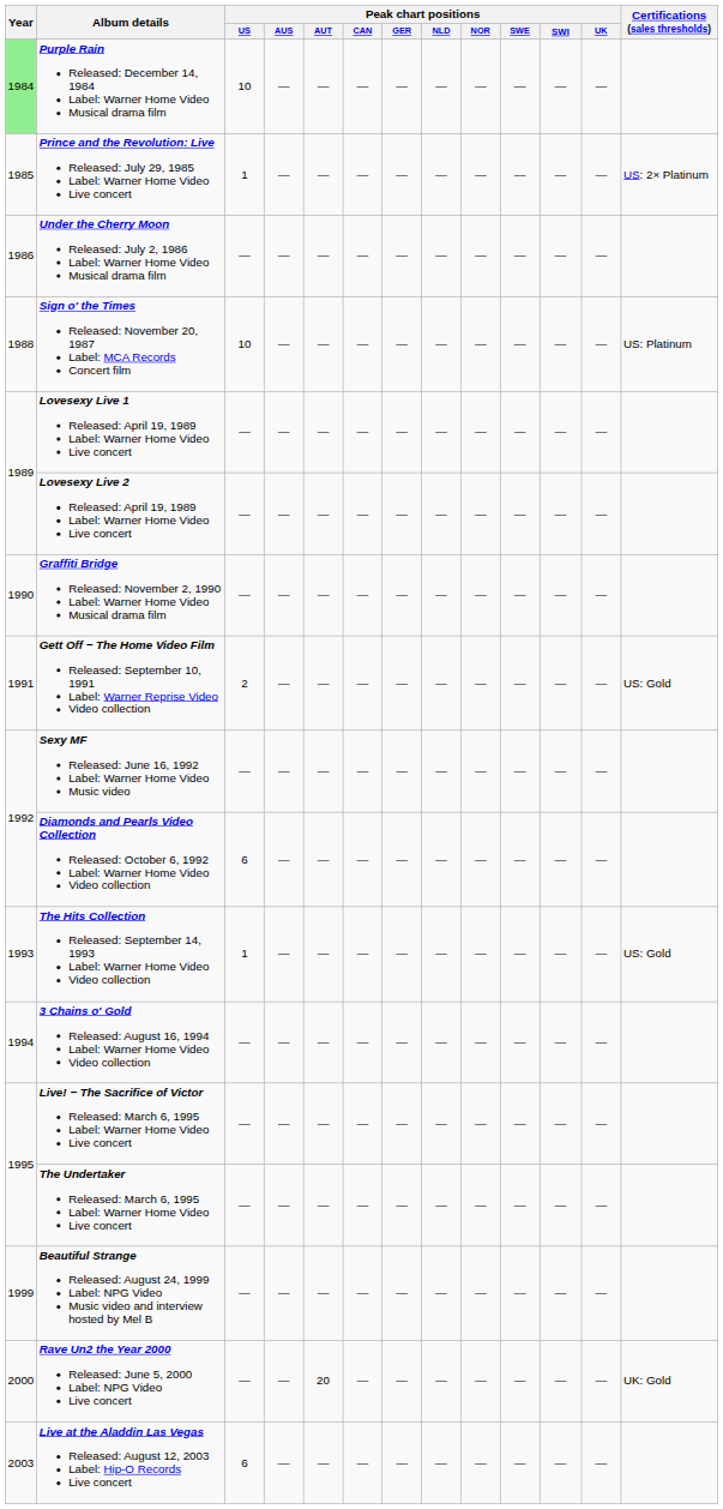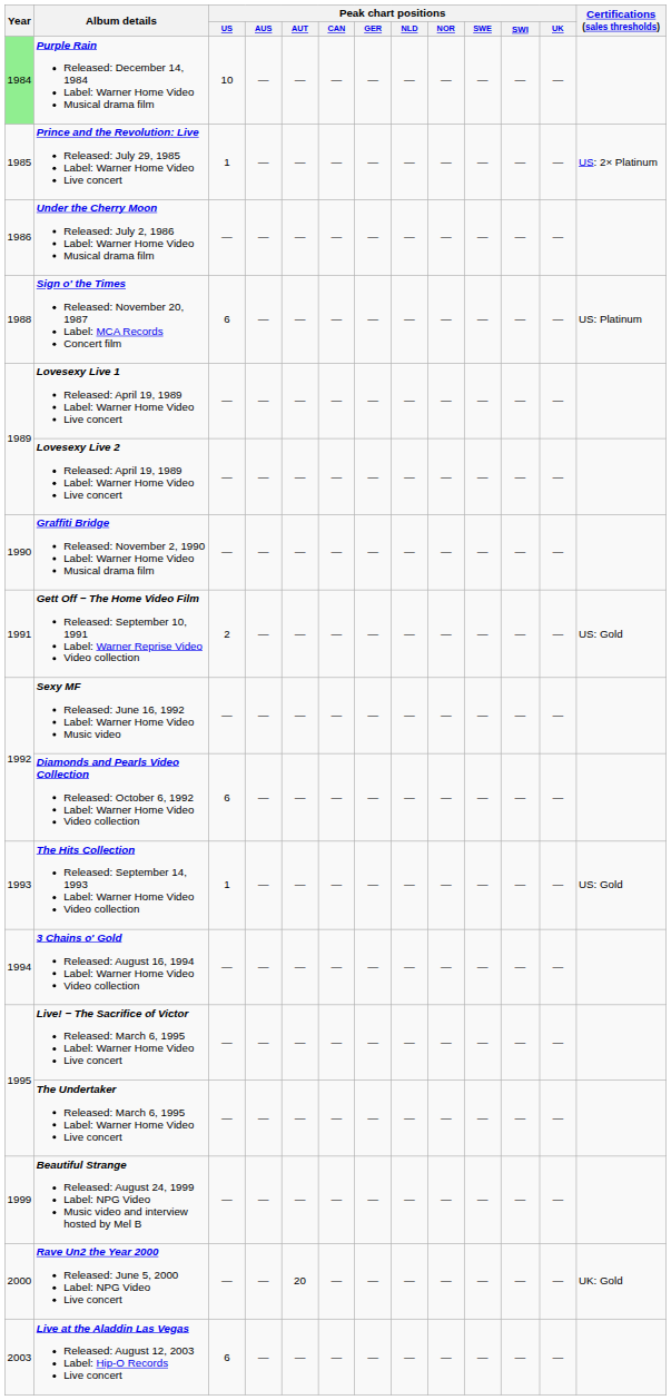 <table class="wikitable">
 <tr>
 <th rowspan="2" width="33">Year</th>
 <th rowspan="2" width="250">Album details</th>
 <th colspan="10">Peak chart positions</th>
 <th rowspan="2" width="125"><a href='#'>Certifications</a><br><small>(<a href='#'>sales thresholds</a>)</small></th>
 </tr>
 <tr>
 <th style="width:4em;font-size:75%"><a href='#'>US</a><br></th>
 <th style="width:4em;font-size:75%"><a href='#'>AUS</a><br></th>
 <th style="width:4em;font-size:75%"><a href='#'>AUT</a><br></th>
 <th style="width:4em;font-size:75%"><a href='#'>CAN</a><br></th>
 <th style="width:4em;font-size:75%"><a href='#'>GER</a><br></th>
 <th style="width:4em;font-size:75%"><a href='#'>NLD</a><br></th>
 <th style="width:4em;font-size:75%"><a href='#'>NOR</a><br></th>
 <th style="width:4em;font-size:75%"><a href='#'>SWE</a><br></th>
 <th style="width:4em;font-size:80%"><a href='#'>SWI</a><br></th>
 <th style="width:4em;font-size:75%"><a href='#'>UK</a><br></th>
 </tr>
 <tr>
 <td style="background: lightgreen;">1984</td>
 <td align="left"><strong><em><a href='#'>Purple Rain</a></em></strong><br><ul><li>Released: December 14, 1984</li><li>Label: Warner Home Video</li><li>Musical drama film</li></ul></td>
 <td align="center">10<br></td>
 <td align="center">—</td>
 <td align="center">—</td>
 <td align="center">—</td>
 <td align="center">—</td>
 <td align="center">—</td>
 <td align="center">—</td>
 <td align="center">—</td>
 <td align="center">—</td>
 <td align="center">—</td>
 <td align="left"></td>
 </tr>
 <tr>
 <td>1985</td>
 <td align="left"><strong><em><a href='#'>Prince and the Revolution: Live</a></em></strong><br><ul><li>Released: July 29, 1985</li><li>Label: Warner Home Video</li><li>Live concert</li></ul></td>
 <td align="center">1<br></td>
 <td align="center">—</td>
 <td align="center">—</td>
 <td align="center">—</td>
 <td align="center">—</td>
 <td align="center">—</td>
 <td align="center">—</td>
 <td align="center">—</td>
 <td align="center">—</td>
 <td align="center">—</td>
 <td align="left"><a href='#'>US</a>: 2× Platinum</td>
 </tr>
 <tr>
 <td>1986</td>
 <td align="left"><strong><em><a href='#'>Under the Cherry Moon</a></em></strong><br><ul><li>Released: July 2, 1986</li><li>Label: Warner Home Video</li><li>Musical drama film</li></ul></td>
 <td align="center">—</td>
 <td align="center">—</td>
 <td align="center">—</td>
 <td align="center">—</td>
 <td align="center">—</td>
 <td align="center">—</td>
 <td align="center">—</td>
 <td align="center">—</td>
 <td align="center">—</td>
 <td align="center">—</td>
 <td align="left"></td>
 </tr>
 <tr>
 <td>1988</td>
 <td align="left"><strong><em><a href='#'>Sign o' the Times</a></em></strong><br><ul><li>Released: November 20, 1987</li><li>Label: <a href='#'>MCA Records</a></li><li>Concert film</li></ul></td>
-<td align="center">10<br></td>
+<td align="center">6<br></td>
 <td align="center">—</td>
 <td align="center">—</td>
 <td align="center">—</td>
 <td align="center">—</td>
 <td align="center">—</td>
 <td align="center">—</td>
 <td align="center">—</td>
 <td align="center">—</td>
 <td align="center">—</td>
 <td align="left">US: Platinum</td>
 </tr>
 <tr>
 <td rowspan="2" width="33">1989</td>
 <td align="left"><strong><em>Lovesexy Live 1</em></strong><br><ul><li>Released: April 19, 1989</li><li>Label: Warner Home Video</li><li>Live concert</li></ul></td>
 <td align="center">—</td>
 <td align="center">—</td>
 <td align="center">—</td>
 <td align="center">—</td>
 <td align="center">—</td>
 <td align="center">—</td>
 <td align="center">—</td>
 <td align="center">—</td>
 <td align="center">—</td>
 <td align="center">—</td>
 <td align="left"></td>
 </tr>
 <tr>
 <td align="left"><strong><em>Lovesexy Live 2</em></strong><br><ul><li>Released: April 19, 1989</li><li>Label: Warner Home Video</li><li>Live concert</li></ul></td>
 <td align="center">—</td>
 <td align="center">—</td>
 <td align="center">—</td>
 <td align="center">—</td>
 <td align="center">—</td>
 <td align="center">—</td>
 <td align="center">—</td>
 <td align="center">—</td>
 <td align="center">—</td>
 <td align="center">—</td>
 <td align="left"></td>
 </tr>
 <tr>
 <td>1990</td>
 <td align="left"><strong><em><a href='#'>Graffiti Bridge</a></em></strong><br><ul><li>Released: November 2, 1990</li><li>Label: Warner Home Video</li><li>Musical drama film</li></ul></td>
 <td align="center">—</td>
 <td align="center">—</td>
 <td align="center">—</td>
 <td align="center">—</td>
 <td align="center">—</td>
 <td align="center">—</td>
 <td align="center">—</td>
 <td align="center">—</td>
 <td align="center">—</td>
 <td align="center">—</td>
 <td align="left"></td>
 </tr>
 <tr>
 <td>1991</td>
 <td align="left"><strong><em>Gett Off − The Home Video Film</em></strong><br><ul><li>Released: September 10, 1991</li><li>Label: <a href='#'>Warner Reprise Video</a></li><li>Video collection</li></ul></td>
 <td align="center">2<br></td>
 <td align="center">—</td>
 <td align="center">—</td>
 <td align="center">—</td>
 <td align="center">—</td>
 <td align="center">—</td>
 <td align="center">—</td>
 <td align="center">—</td>
 <td align="center">—</td>
 <td align="center">—</td>
 <td align="left">US: Gold</td>
 </tr>
 <tr>
 <td rowspan="2" width="33">1992</td>
 <td align="left"><strong><em>Sexy MF</em></strong><br><ul><li>Released: June 16, 1992</li><li>Label: Warner Home Video</li><li>Music video</li></ul></td>
 <td align="center">—</td>
 <td align="center">—</td>
 <td align="center">—</td>
 <td align="center">—</td>
 <td align="center">—</td>
 <td align="center">—</td>
 <td align="center">—</td>
 <td align="center">—</td>
 <td align="center">—</td>
 <td align="center">—</td>
 <td align="left"></td>
 </tr>
 <tr>
 <td align="left"><strong><em><a href='#'>Diamonds and Pearls Video Collection</a></em></strong><br><ul><li>Released: October 6, 1992</li><li>Label: Warner Home Video</li><li>Video collection</li></ul></td>
 <td align="center">6<br></td>
 <td align="center">—</td>
 <td align="center">—</td>
 <td align="center">—</td>
 <td align="center">—</td>
 <td align="center">—</td>
 <td align="center">—</td>
 <td align="center">—</td>
 <td align="center">—</td>
 <td align="center">—</td>
 <td align="left"></td>
 </tr>
 <tr>
 <td>1993</td>
 <td align="left"><strong><em><a href='#'>The Hits Collection</a></em></strong><br><ul><li>Released: September 14, 1993</li><li>Label: Warner Home Video</li><li>Video collection</li></ul></td>
 <td align="center">1<br></td>
 <td align="center">—</td>
 <td align="center">—</td>
 <td align="center">—</td>
 <td align="center">—</td>
 <td align="center">—</td>
 <td align="center">—</td>
 <td align="center">—</td>
 <td align="center">—</td>
 <td align="center">—</td>
 <td align="left">US: Gold</td>
 </tr>
 <tr>
 <td>1994</td>
 <td align="left"><strong><em><a href='#'>3 Chains o' Gold</a></em></strong><br><ul><li>Released: August 16, 1994</li><li>Label: Warner Home Video</li><li>Video collection</li></ul></td>
 <td align="center">—</td>
 <td align="center">—</td>
 <td align="center">—</td>
 <td align="center">—</td>
 <td align="center">—</td>
 <td align="center">—</td>
 <td align="center">—</td>
 <td align="center">—</td>
 <td align="center">—</td>
 <td align="center">—</td>
 <td align="left"></td>
 </tr>
 <tr>
 <td rowspan="2" width="33">1995</td>
 <td align="left"><strong><em>Live! − The Sacrifice of Victor</em></strong><br><ul><li>Released: March 6, 1995</li><li>Label: Warner Home Video</li><li>Live concert</li></ul></td>
 <td align="center">—</td>
 <td align="center">—</td>
 <td align="center">—</td>
 <td align="center">—</td>
 <td align="center">—</td>
 <td align="center">—</td>
 <td align="center">—</td>
 <td align="center">—</td>
 <td align="center">—</td>
 <td align="center">—</td>
 <td align="left"></td>
 </tr>
 <tr>
 <td align="left"><strong><em>The Undertaker</em></strong><br><ul><li>Released: March 6, 1995</li><li>Label: Warner Home Video</li><li>Live concert</li></ul></td>
 <td align="center">—</td>
 <td align="center">—</td>
 <td align="center">—</td>
 <td align="center">—</td>
 <td align="center">—</td>
 <td align="center">—</td>
 <td align="center">—</td>
 <td align="center">—</td>
 <td align="center">—</td>
 <td align="center">—</td>
 <td align="left"></td>
 </tr>
 <tr>
 <td>1999</td>
 <td align="left"><strong><em>Beautiful Strange</em></strong><br><ul><li>Released: August 24, 1999</li><li>Label: NPG Video</li><li>Music video and interview hosted by Mel B</li></ul></td>
 <td align="center">—</td>
 <td align="center">—</td>
 <td align="center">—</td>
 <td align="center">—</td>
 <td align="center">—</td>
 <td align="center">—</td>
 <td align="center">—</td>
 <td align="center">—</td>
 <td align="center">—</td>
 <td align="center">—</td>
 <td align="left"></td>
 </tr>
 <tr>
 <td>2000</td>
 <td align="left"><strong><em><a href='#'>Rave Un2 the Year 2000</a></em></strong><br><ul><li>Released: June 5, 2000</li><li>Label: NPG Video</li><li>Live concert</li></ul></td>
 <td align="center">—</td>
 <td align="center">—</td>
 <td align="center">20<br></td>
 <td align="center">—</td>
 <td align="center">—</td>
 <td align="center">—</td>
 <td align="center">—</td>
 <td align="center">—</td>
 <td align="center">—</td>
 <td align="center">—</td>
 <td align="left">UK: Gold</td>
 </tr>
 <tr>
 <td>2003</td>
 <td align="left"><strong><em><a href='#'>Live at the Aladdin Las Vegas</a></em></strong><br><ul><li>Released: August 12, 2003</li><li>Label: <a href='#'>Hip-O Records</a></li><li>Live concert</li></ul></td>
 <td align="center">6<br></td>
 <td align="center">—</td>
 <td align="center">—</td>
 <td align="center">—</td>
 <td align="center">—</td>
 <td align="center">—</td>
 <td align="center">—</td>
 <td align="center">—</td>
 <td align="center">—</td>
 <td align="center">—</td>
 <td align="left"></td>
 </tr>
 </table>
